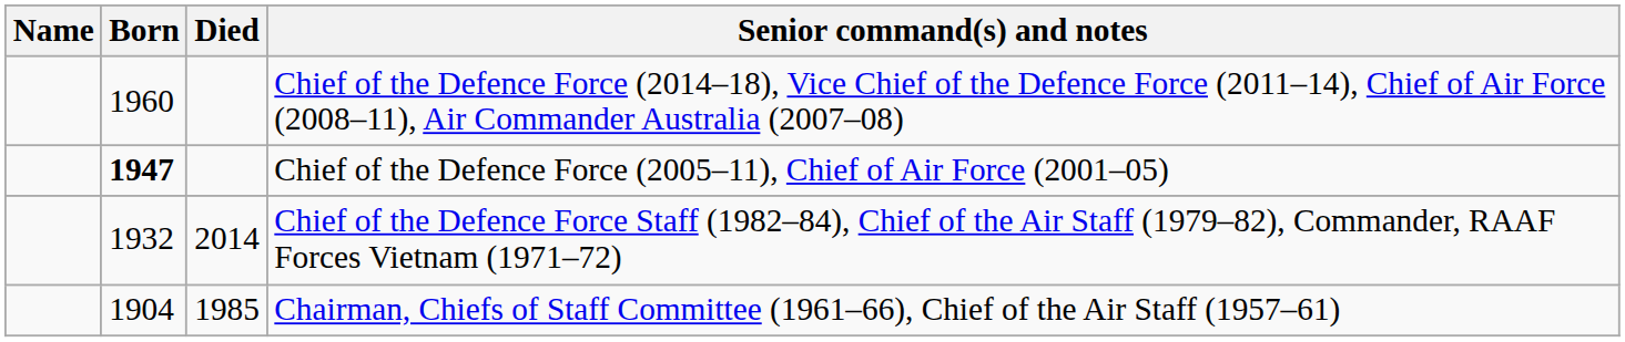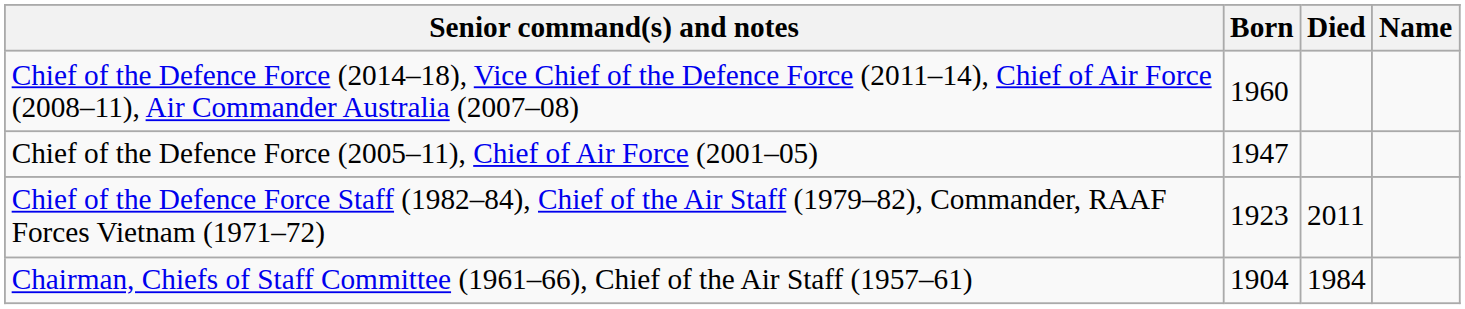 <table class="wikitable plainrowheaders sortable" style="width:90%;">
 <tr>
-<th scope="col">Name</th>
+<th scope="col" class="unsortable">Senior command(s) and notes</th>
 <th scope="col">Born</th>
 <th scope="col">Died</th>
-<th scope="col" class="unsortable">Senior command(s) and notes</th>
+<th scope="col">Name</th>
 </tr>
 <tr>
-<td></td>
+<td><a href='#'>Chief of the Defence Force</a> (2014–18), <a href='#'>Vice Chief of the Defence Force</a> (2011–14), <a href='#'>Chief of Air Force</a> (2008–11), <a href='#'>Air Commander Australia</a> (2007–08)</td>
 <td>1960</td>
 <td></td>
-<td><a href='#'>Chief of the Defence Force</a> (2014–18), <a href='#'>Vice Chief of the Defence Force</a> (2011–14), <a href='#'>Chief of Air Force</a> (2008–11), <a href='#'>Air Commander Australia</a> (2007–08)</td>
+<td></td>
 </tr>
 <tr>
+<td>Chief of the Defence Force (2005–11), <a href='#'>Chief of Air Force</a> (2001–05)</td>
+<td>1947</td>
 <td></td>
-<td><strong>1947</strong></td>
 <td></td>
-<td>Chief of the Defence Force (2005–11), <a href='#'>Chief of Air Force</a> (2001–05)</td>
 </tr>
 <tr>
+<td><a href='#'>Chief of the Defence Force Staff</a> (1982–84), <a href='#'>Chief of the Air Staff</a> (1979–82), Commander, RAAF Forces Vietnam (1971–72)</td>
+<td>1923</td>
+<td>2011</td>
 <td></td>
-<td>1932</td>
-<td>2014</td>
-<td><a href='#'>Chief of the Defence Force Staff</a> (1982–84), <a href='#'>Chief of the Air Staff</a> (1979–82), Commander, RAAF Forces Vietnam (1971–72)</td>
 </tr>
 <tr>
+<td><a href='#'>Chairman, Chiefs of Staff Committee</a> (1961–66), Chief of the Air Staff (1957–61)</td>
+<td>1904</td>
+<td>1984</td>
 <td></td>
-<td>1904</td>
-<td>1985</td>
-<td><a href='#'>Chairman, Chiefs of Staff Committee</a> (1961–66), Chief of the Air Staff (1957–61)</td>
 </tr>
 </table>
